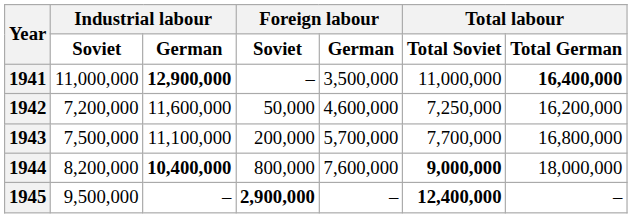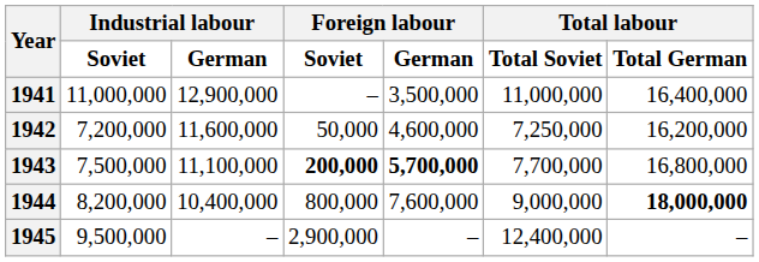 <table class="wikitable">
 <tr>
 <th rowspan="2">Year</th>
 <th colspan="2">Industrial labour</th>
 <th colspan="2">Foreign labour</th>
 <th colspan="2">Total labour</th>
 </tr>
 <tr>
 <th style="background:#fff;">Soviet</th>
 <th style="background:#fff;">German</th>
 <th style="background:#fff;">Soviet</th>
 <th style="background:#fff;">German</th>
 <th style="background:#fff;">Total Soviet</th>
 <th style="background:#fff;">Total German</th>
 </tr>
 <tr>
 <th>1941</th>
 <td style="text-align:right; background:#fff;">11,000,000</td>
-<td style="text-align:right; background:#fff;"><strong>12,900,000</strong></td>
+<td style="text-align:right; background:#fff;">12,900,000</td>
 <td style="text-align:right; background:#fff;">–</td>
 <td style="text-align:right; background:#fff;">3,500,000</td>
 <td style="text-align:right; background:#fff;">11,000,000</td>
-<td style="text-align:right; background:#fff;"><strong>16,400,000</strong></td>
+<td style="text-align:right; background:#fff;">16,400,000</td>
 </tr>
 <tr>
 <th>1942</th>
 <td style="text-align:right; background:#fff;">7,200,000</td>
 <td style="text-align:right; background:#fff;">11,600,000</td>
 <td style="text-align:right; background:#fff;">50,000</td>
 <td style="text-align:right; background:#fff;">4,600,000</td>
 <td style="text-align:right; background:#fff;">7,250,000</td>
 <td style="text-align:right; background:#fff;">16,200,000</td>
 </tr>
 <tr>
 <th>1943</th>
 <td style="text-align:right; background:#fff;">7,500,000</td>
 <td style="text-align:right; background:#fff;">11,100,000</td>
-<td style="text-align:right; background:#fff;">200,000</td>
-<td style="text-align:right; background:#fff;">5,700,000</td>
+<td style="text-align:right; background:#fff;"><strong>200,000</strong></td>
+<td style="text-align:right; background:#fff;"><strong>5,700,000</strong></td>
 <td style="text-align:right; background:#fff;">7,700,000</td>
 <td style="text-align:right; background:#fff;">16,800,000</td>
 </tr>
 <tr>
 <th>1944</th>
 <td style="text-align:right; background:#fff;">8,200,000</td>
-<td style="text-align:right; background:#fff;"><strong>10,400,000</strong></td>
+<td style="text-align:right; background:#fff;">10,400,000</td>
 <td style="text-align:right; background:#fff;">800,000</td>
 <td style="text-align:right; background:#fff;">7,600,000</td>
-<td style="text-align:right; background:#fff;"><strong>9,000,000</strong></td>
-<td style="text-align:right; background:#fff;">18,000,000</td>
+<td style="text-align:right; background:#fff;">9,000,000</td>
+<td style="text-align:right; background:#fff;"><strong>18,000,000</strong></td>
 </tr>
 <tr>
 <th>1945</th>
 <td style="text-align:right; background:#fff;">9,500,000</td>
 <td style="text-align:right; background:#fff;">–</td>
-<td style="text-align:right; background:#fff;"><strong>2,900,000</strong></td>
+<td style="text-align:right; background:#fff;">2,900,000</td>
 <td style="text-align:right; background:#fff;">–</td>
-<td style="text-align:right; background:#fff;"><strong>12,400,000</strong></td>
+<td style="text-align:right; background:#fff;">12,400,000</td>
 <td style="text-align:right; background:#fff;">–</td>
 </tr>
 </table>
